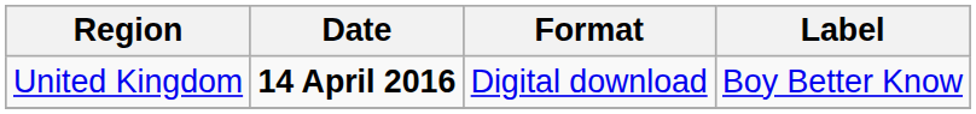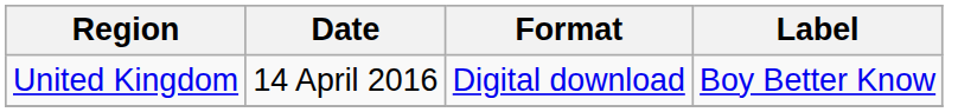 <table class=wikitable>
 <tr>
 <th>Region</th>
 <th>Date</th>
 <th>Format</th>
 <th>Label</th>
 </tr>
 <tr>
 <td><a href='#'>United Kingdom</a></td>
-<td><strong>14 April 2016</strong></td>
+<td>14 April 2016</td>
 <td><a href='#'>Digital download</a></td>
 <td><a href='#'>Boy Better Know</a></td>
 </tr>
 <tr>
 </tr>
 </table>
